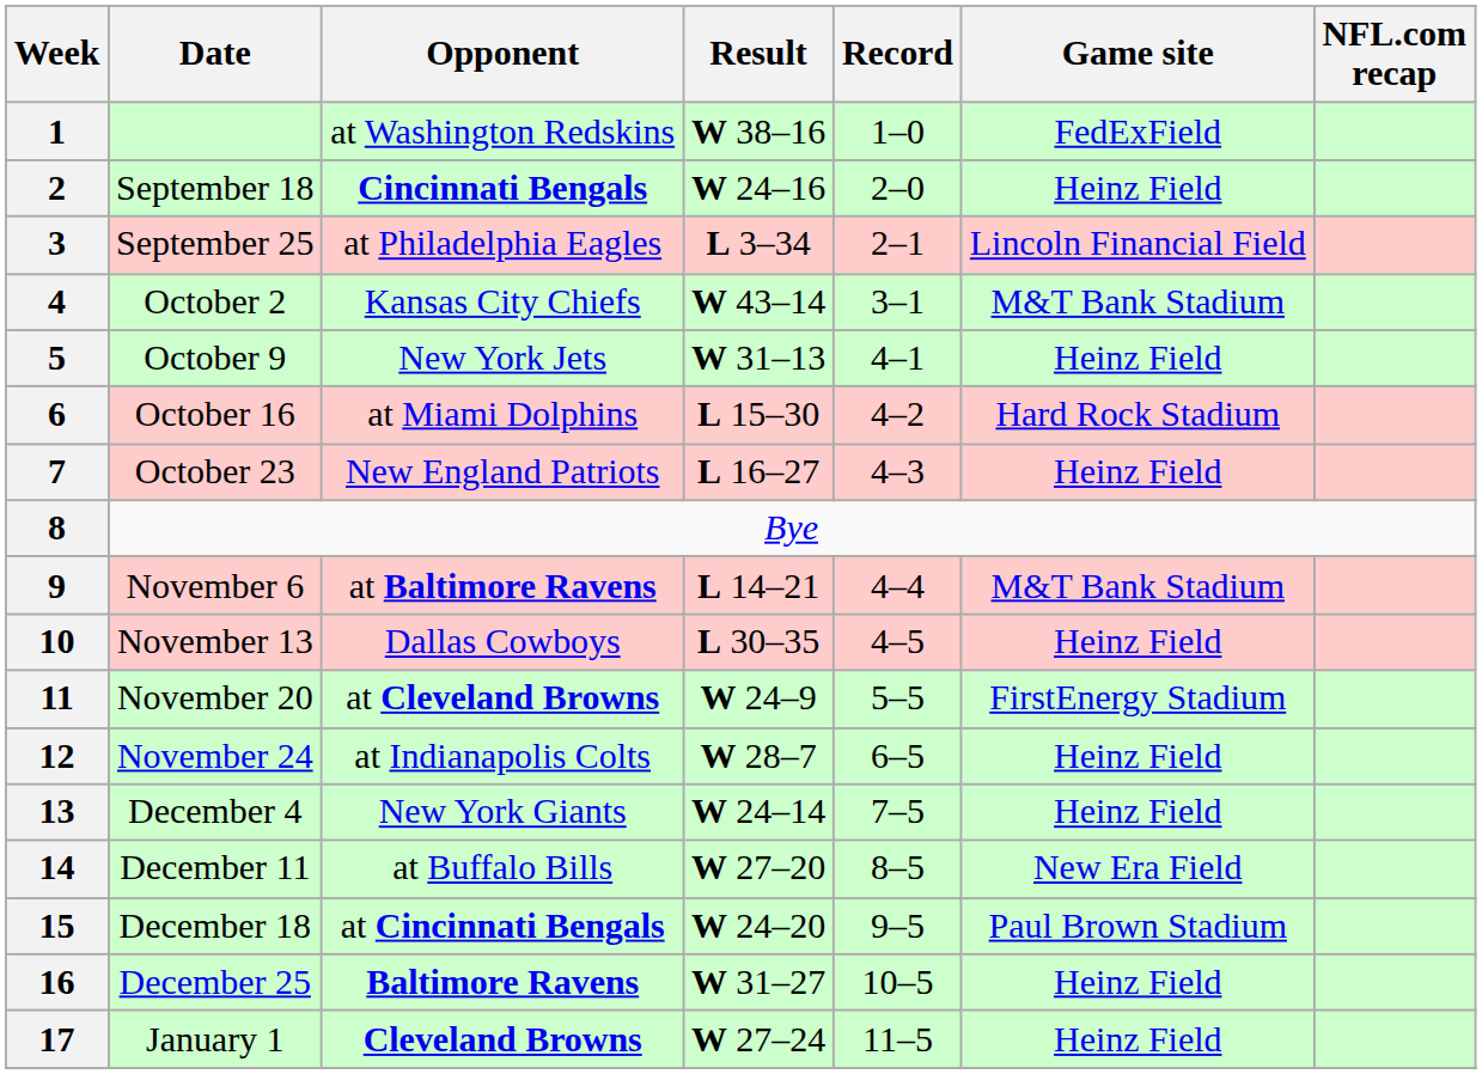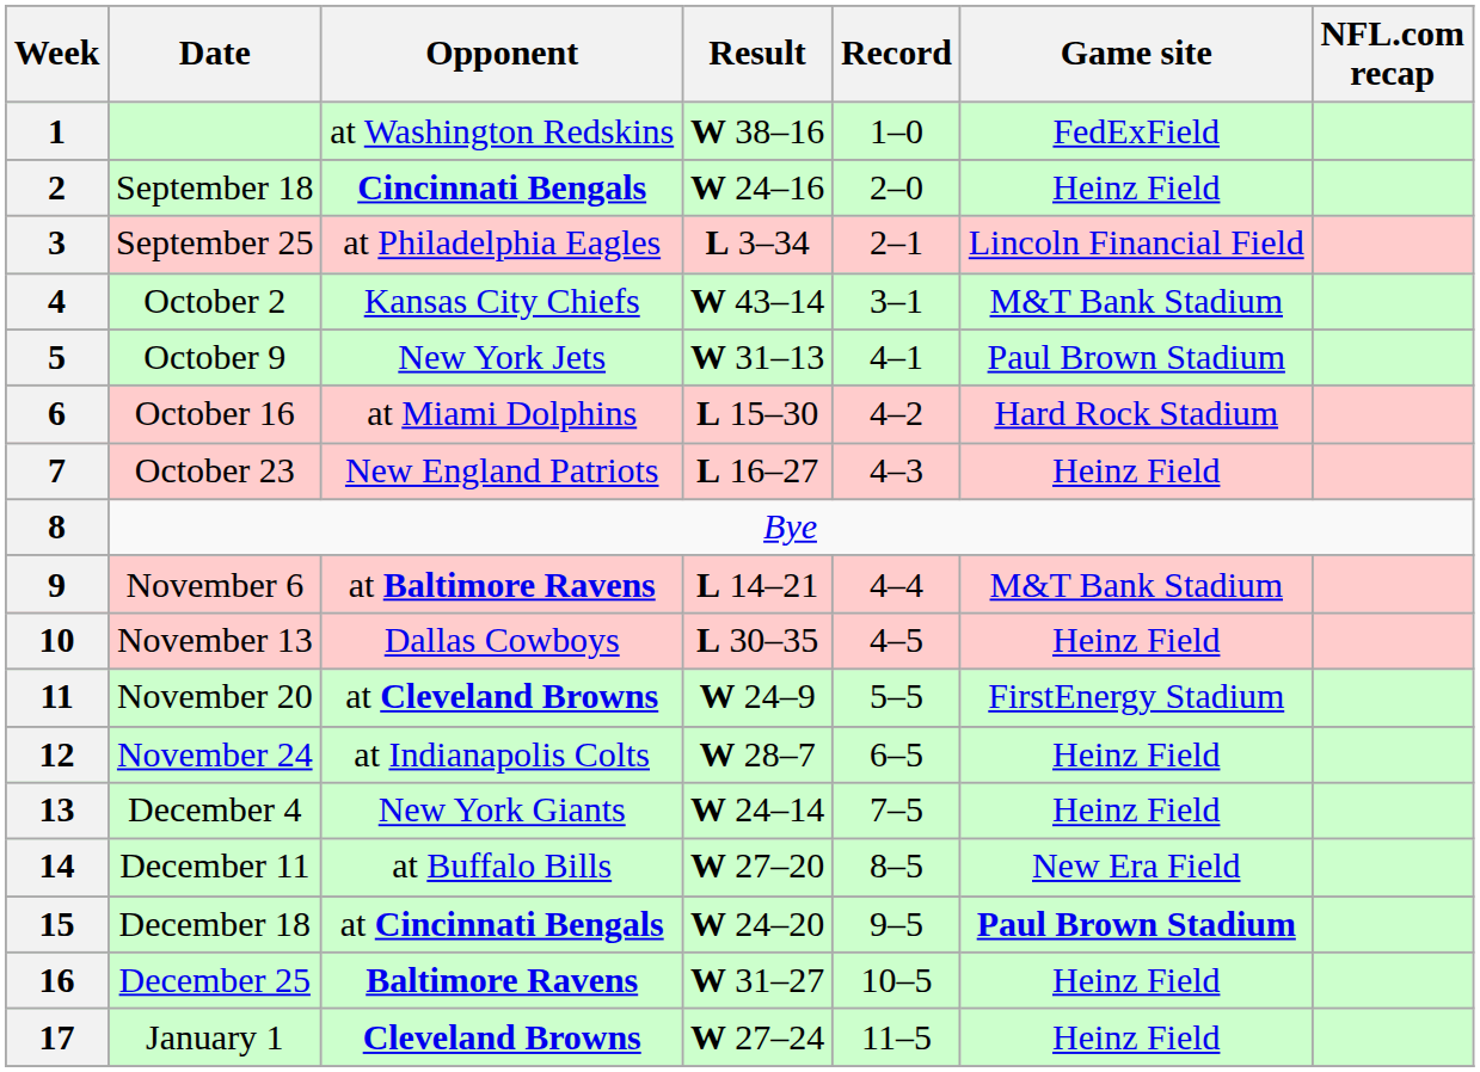 <table class="wikitable" style="text-align:center">
 <tr>
 <th>Week</th>
 <th>Date</th>
 <th>Opponent</th>
 <th>Result</th>
 <th>Record</th>
 <th>Game site</th>
 <th>NFL.com<br>recap</th>
 </tr>
 <tr style="background:#cfc">
 <th>1</th>
 <td></td>
 <td>at <a href='#'>Washington Redskins</a></td>
 <td><strong>W</strong> 38–16</td>
 <td>1–0</td>
 <td><a href='#'>FedExField</a></td>
 <td></td>
 </tr>
 <tr style="background:#cfc">
 <th>2</th>
 <td>September 18</td>
 <td><strong><a href='#'>Cincinnati Bengals</a></strong></td>
 <td><strong>W</strong> 24–16</td>
 <td>2–0</td>
 <td><a href='#'>Heinz Field</a></td>
 <td></td>
 </tr>
 <tr style="background:#fcc">
 <th>3</th>
 <td>September 25</td>
 <td>at <a href='#'>Philadelphia Eagles</a></td>
 <td><strong>L</strong> 3–34</td>
 <td>2–1</td>
 <td><a href='#'>Lincoln Financial Field</a></td>
 <td></td>
 </tr>
 <tr style="background:#cfc">
 <th>4</th>
 <td>October 2</td>
 <td><a href='#'>Kansas City Chiefs</a></td>
 <td><strong>W</strong> 43–14</td>
 <td>3–1</td>
 <td><a href='#'>M&T Bank Stadium</a></td>
 <td></td>
 </tr>
 <tr style="background:#cfc">
 <th>5</th>
 <td>October 9</td>
 <td><a href='#'>New York Jets</a></td>
 <td><strong>W</strong> 31–13</td>
 <td>4–1</td>
-<td><a href='#'>Heinz Field</a></td>
+<td><a href='#'>Paul Brown Stadium</a></td>
 <td></td>
 </tr>
 <tr style="background:#fcc">
 <th>6</th>
 <td>October 16</td>
 <td>at <a href='#'>Miami Dolphins</a></td>
 <td><strong>L</strong> 15–30</td>
 <td>4–2</td>
 <td><a href='#'>Hard Rock Stadium</a></td>
 <td></td>
 </tr>
 <tr style="background:#fcc">
 <th>7</th>
 <td>October 23</td>
 <td><a href='#'>New England Patriots</a></td>
 <td><strong>L</strong> 16–27</td>
 <td>4–3</td>
 <td><a href='#'>Heinz Field</a></td>
 <td></td>
 </tr>
 <tr>
 <th>8</th>
 <td colspan=6><em><a href='#'>Bye</a></em></td>
 </tr>
 <tr style="background:#fcc">
 <th>9</th>
 <td>November 6</td>
 <td>at <strong><a href='#'>Baltimore Ravens</a></strong></td>
 <td><strong>L</strong> 14–21</td>
 <td>4–4</td>
 <td><a href='#'>M&T Bank Stadium</a></td>
 <td></td>
 </tr>
 <tr style="background:#fcc">
 <th>10</th>
 <td>November 13</td>
 <td><a href='#'>Dallas Cowboys</a></td>
 <td><strong>L</strong> 30–35</td>
 <td>4–5</td>
 <td><a href='#'>Heinz Field</a></td>
 <td></td>
 </tr>
 <tr style="background:#cfc">
 <th>11</th>
 <td>November 20</td>
 <td>at <strong><a href='#'>Cleveland Browns</a></strong></td>
 <td><strong>W</strong> 24–9</td>
 <td>5–5</td>
 <td><a href='#'>FirstEnergy Stadium</a></td>
 <td></td>
 </tr>
 <tr style="background:#cfc">
 <th>12</th>
 <td><a href='#'>November 24</a></td>
 <td>at <a href='#'>Indianapolis Colts</a></td>
 <td><strong>W</strong> 28–7</td>
 <td>6–5</td>
 <td><a href='#'>Heinz Field</a></td>
 <td></td>
 </tr>
 <tr style="background:#cfc">
 <th>13</th>
 <td>December 4</td>
 <td><a href='#'>New York Giants</a></td>
 <td><strong>W</strong> 24–14</td>
 <td>7–5</td>
 <td><a href='#'>Heinz Field</a></td>
 <td></td>
 </tr>
 <tr style="background:#cfc">
 <th>14</th>
 <td>December 11</td>
 <td>at <a href='#'>Buffalo Bills</a></td>
 <td><strong>W</strong> 27–20</td>
 <td>8–5</td>
 <td><a href='#'>New Era Field</a></td>
 <td></td>
 </tr>
 <tr style="background:#cfc">
 <th>15</th>
 <td>December 18</td>
 <td>at <strong><a href='#'>Cincinnati Bengals</a></strong></td>
 <td><strong>W</strong> 24–20</td>
 <td>9–5</td>
-<td><a href='#'>Paul Brown Stadium</a></td>
+<td><strong><a href='#'>Paul Brown Stadium</a></strong></td>
 <td></td>
 </tr>
 <tr style="background:#cfc">
 <th>16</th>
 <td><a href='#'>December 25</a></td>
 <td><strong><a href='#'>Baltimore Ravens</a></strong></td>
 <td><strong>W</strong> 31–27</td>
 <td>10–5</td>
 <td><a href='#'>Heinz Field</a></td>
 <td></td>
 </tr>
 <tr style="background:#cfc">
 <th>17</th>
 <td>January 1</td>
 <td><strong><a href='#'>Cleveland Browns</a></strong></td>
 <td><strong>W</strong> 27–24 </td>
 <td>11–5</td>
 <td><a href='#'>Heinz Field</a></td>
 <td></td>
 </tr>
 <tr style="background:#">
 </tr>
 </table>
